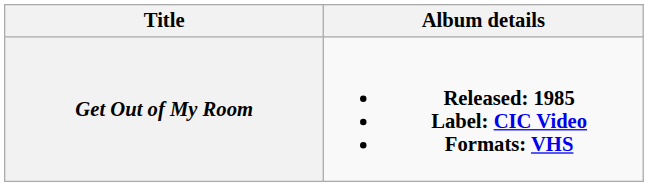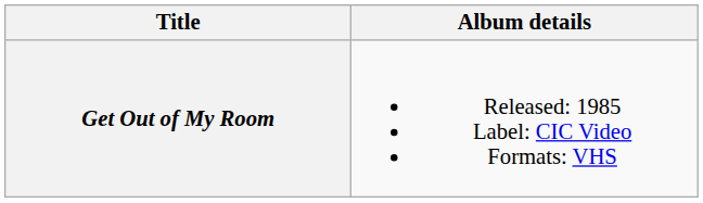 <table class="wikitable plainrowheaders" style="text-align:center;">
 <tr>
 <th scope="col" style="width:15em;">Title</th>
 <th scope="col" style="width:15em;">Album details</th>
 </tr>
 <tr>
 <th scope="row"><em>Get Out of My Room</em></th>
-<td><strong><br><ul><li>Released: 1985</li><li>Label: <a href='#'>CIC Video</a></li><li>Formats: <a href='#'>VHS</a></li></ul></strong></td>
+<td><br><ul><li>Released: 1985</li><li>Label: <a href='#'>CIC Video</a></li><li>Formats: <a href='#'>VHS</a></li></ul></td>
 </tr>
 </table>
